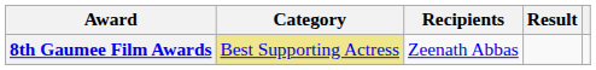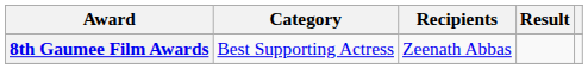 <table class="wikitable plainrowheaders sortable">
 <tr>
 <th scope="col">Award</th>
 <th scope="col">Category</th>
 <th scope="col">Recipients</th>
 <th scope="col">Result</th>
 <th scope="col" class="unsortable"></th>
 </tr>
 <tr>
 <th scope="row"><a href='#'>8th Gaumee Film Awards</a></th>
-<td style="background: khaki;"><a href='#'>Best Supporting Actress</a></td>
+<td><a href='#'>Best Supporting Actress</a></td>
 <td><a href='#'>Zeenath Abbas</a></td>
 <td></td>
 <td style="text-align:center;"></td>
 </tr>
 <tr>
 </tr>
 </table>
